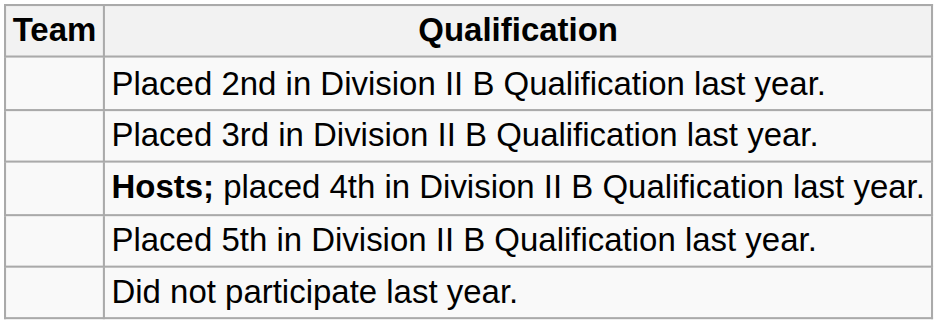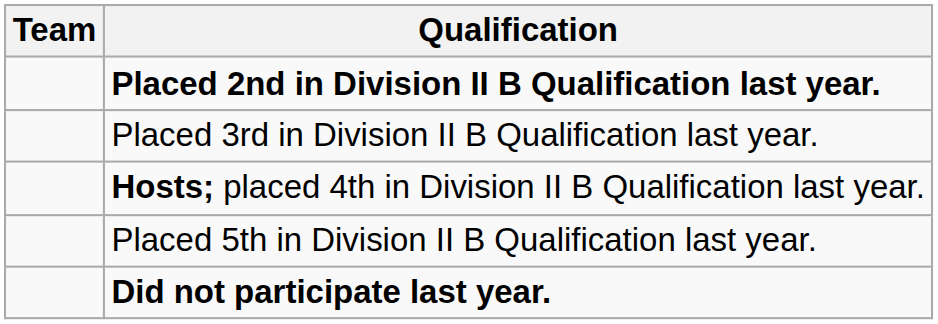 <table class="wikitable">
 <tr>
 <th>Team</th>
 <th>Qualification</th>
 </tr>
 <tr>
 <td></td>
-<td>Placed 2nd in Division II B Qualification last year.</td>
+<td><strong>Placed 2nd in Division II B Qualification last year.</strong></td>
 </tr>
 <tr>
 <td></td>
 <td>Placed 3rd in Division II B Qualification last year.</td>
 </tr>
 <tr>
 <td></td>
 <td><strong>Hosts;</strong> placed 4th in Division II B Qualification last year.</td>
 </tr>
 <tr>
 <td></td>
 <td>Placed 5th in Division II B Qualification last year.</td>
 </tr>
 <tr>
 <td></td>
-<td>Did not participate last year.</td>
+<td><strong>Did not participate last year.</strong></td>
 </tr>
 </table>
